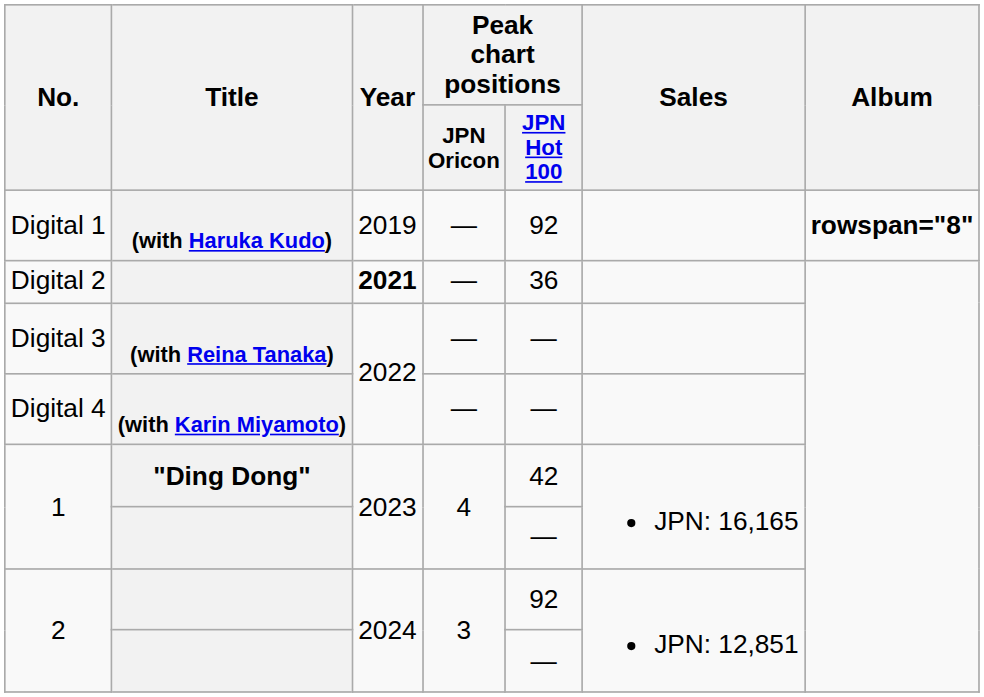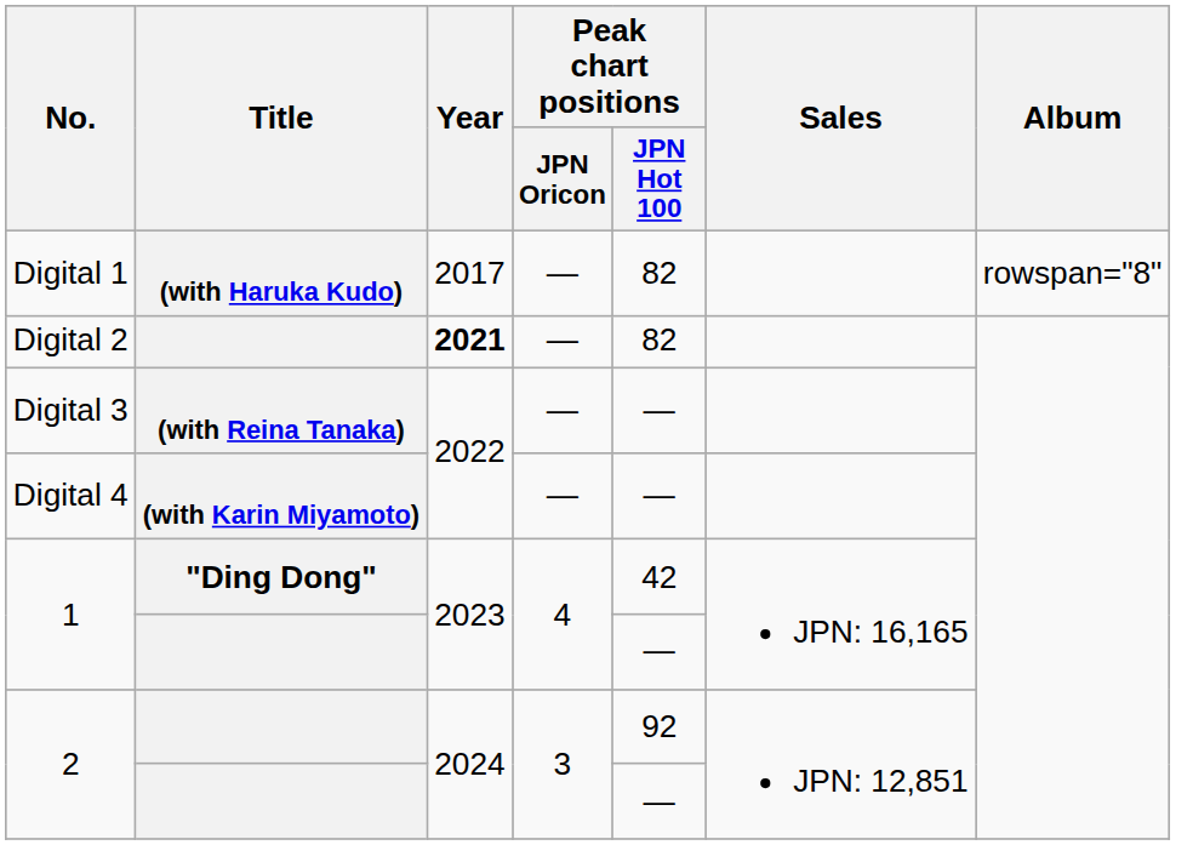 <table class="wikitable plainrowheaders" style="text-align:center;">
 <tr>
 <th scope="col" rowspan="2">No.</th>
 <th scope="col" rowspan="2">Title</th>
 <th scope="col" rowspan="2">Year</th>
 <th scope="col" colspan="2">Peak <br> chart <br> positions</th>
 <th scope="col" rowspan="2">Sales</th>
 <th scope="col" rowspan="2">Album</th>
 </tr>
 <tr>
 <th style="width:3em;font-size:85%">JPN Oricon<br></th>
 <th style="width:3em;font-size:85%"><a href='#'>JPN Hot 100</a><br></th>
 </tr>
 <tr>
 <td>Digital 1</td>
 <th scope="row"> <br><small>(with <a href='#'>Haruka Kudo</a>)</small></th>
-<td>2019</td>
+<td>2017</td>
 <td>—</td>
-<td>92</td>
+<td>82</td>
 <td></td>
-<td><strong>rowspan="8" </strong></td>
+<td>rowspan="8" </td>
 </tr>
 <tr>
 <td>Digital 2</td>
 <th scope="row"></th>
 <td><strong>2021</strong></td>
 <td>—</td>
-<td>36</td>
+<td>82</td>
 <td></td>
 </tr>
 <tr>
 <td>Digital 3</td>
 <th scope="row"> <br><small>(with <a href='#'>Reina Tanaka</a>)</small></th>
 <td rowspan="2">2022</td>
 <td>—</td>
 <td>—</td>
 <td></td>
 </tr>
 <tr>
 <td>Digital 4</td>
 <th scope="row"> <br><small>(with <a href='#'>Karin Miyamoto</a>)</small></th>
 <td>—</td>
 <td>—</td>
 <td></td>
 </tr>
 <tr>
 <td rowspan="2">1</td>
 <th scope="row">"Ding Dong"</th>
 <td rowspan="2">2023</td>
 <td rowspan="2">4</td>
 <td>42</td>
 <td rowspan="2"><br><ul><li>JPN: 16,165</li></ul></td>
 </tr>
 <tr>
 <th scope="row"></th>
 <td>—</td>
 </tr>
 <tr>
 <td rowspan="2">2</td>
 <th scope="row"></th>
 <td rowspan="2">2024</td>
 <td rowspan="2">3</td>
 <td>92</td>
 <td rowspan="2"><br><ul><li>JPN: 12,851</li></ul></td>
 </tr>
 <tr>
 <th scope="row"></th>
 <td>—</td>
 </tr>
 </table>
